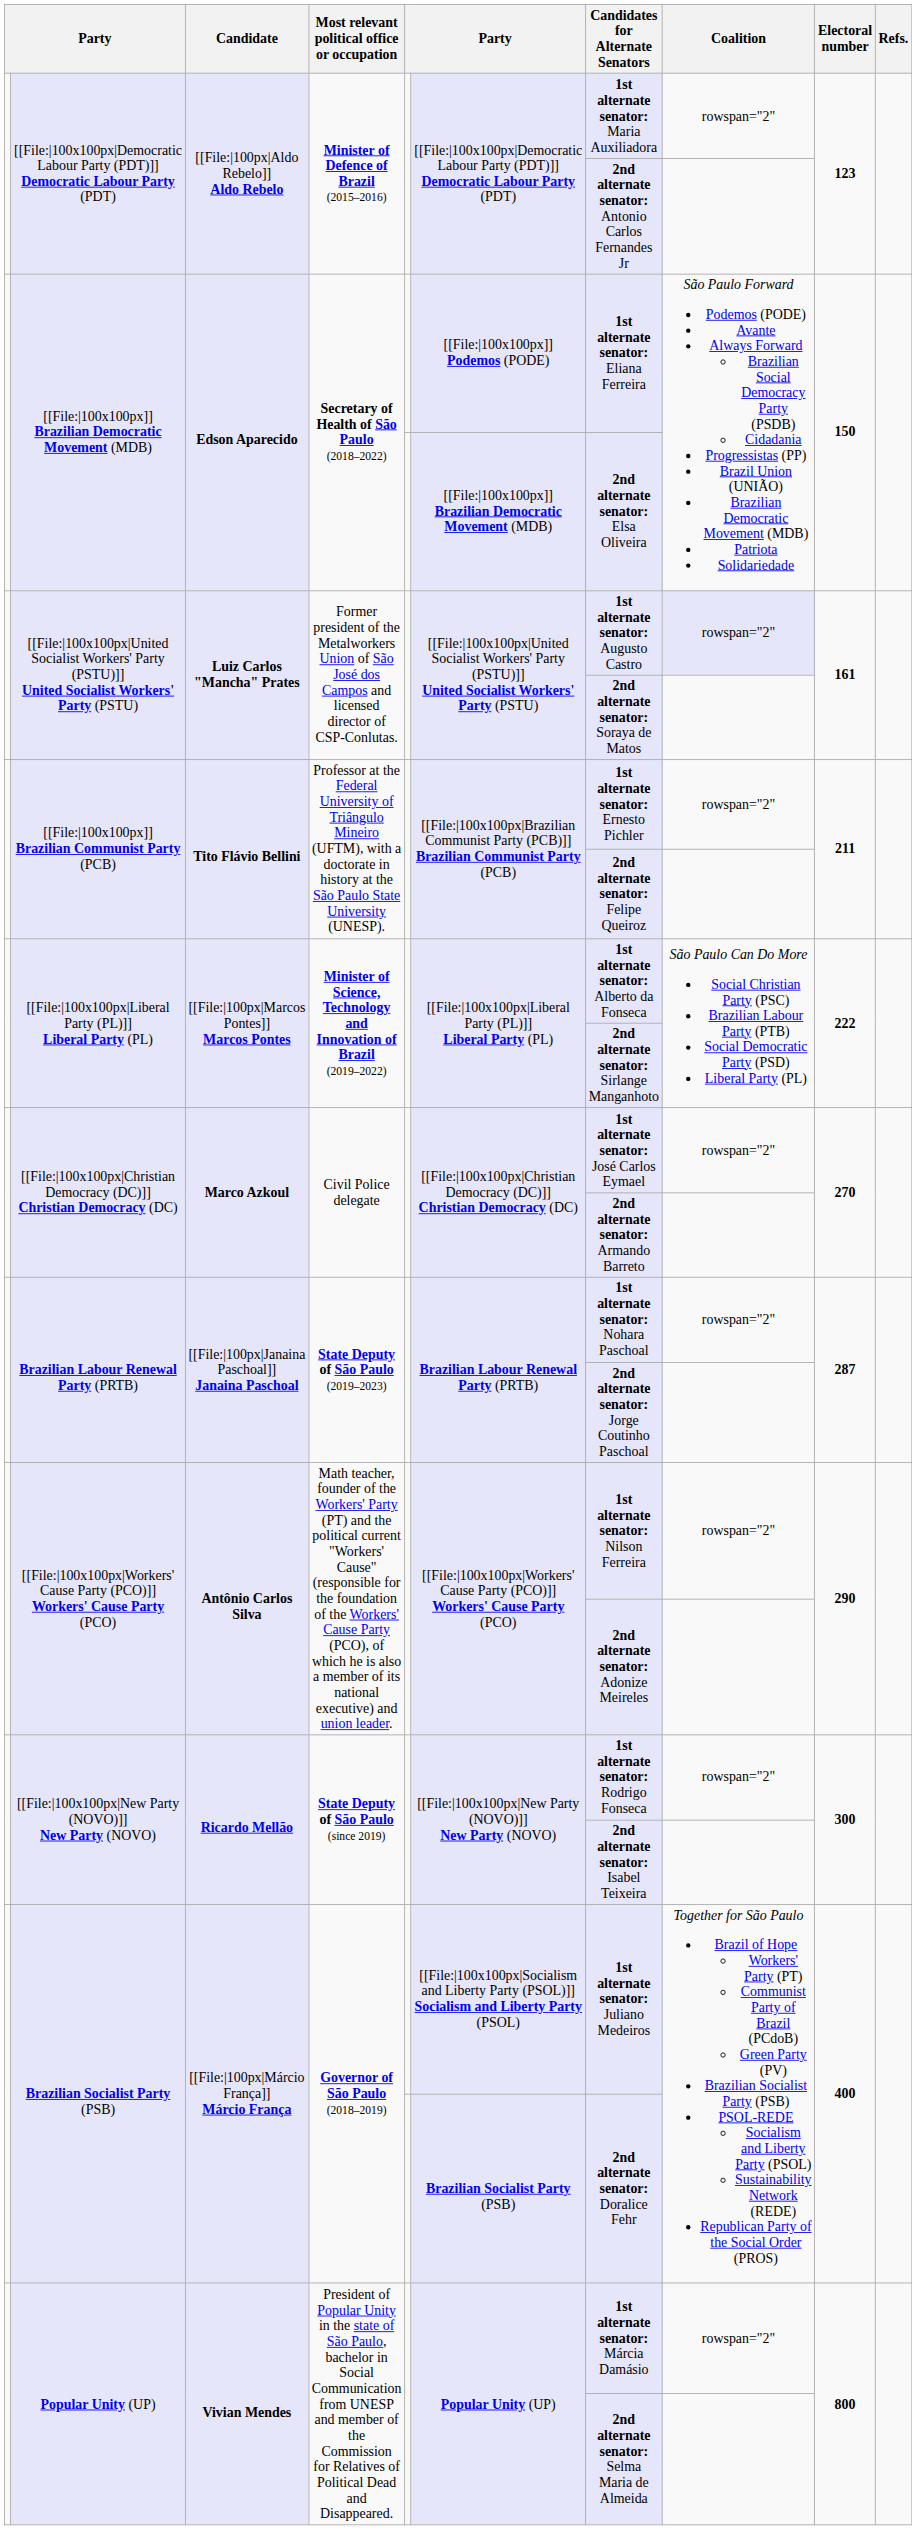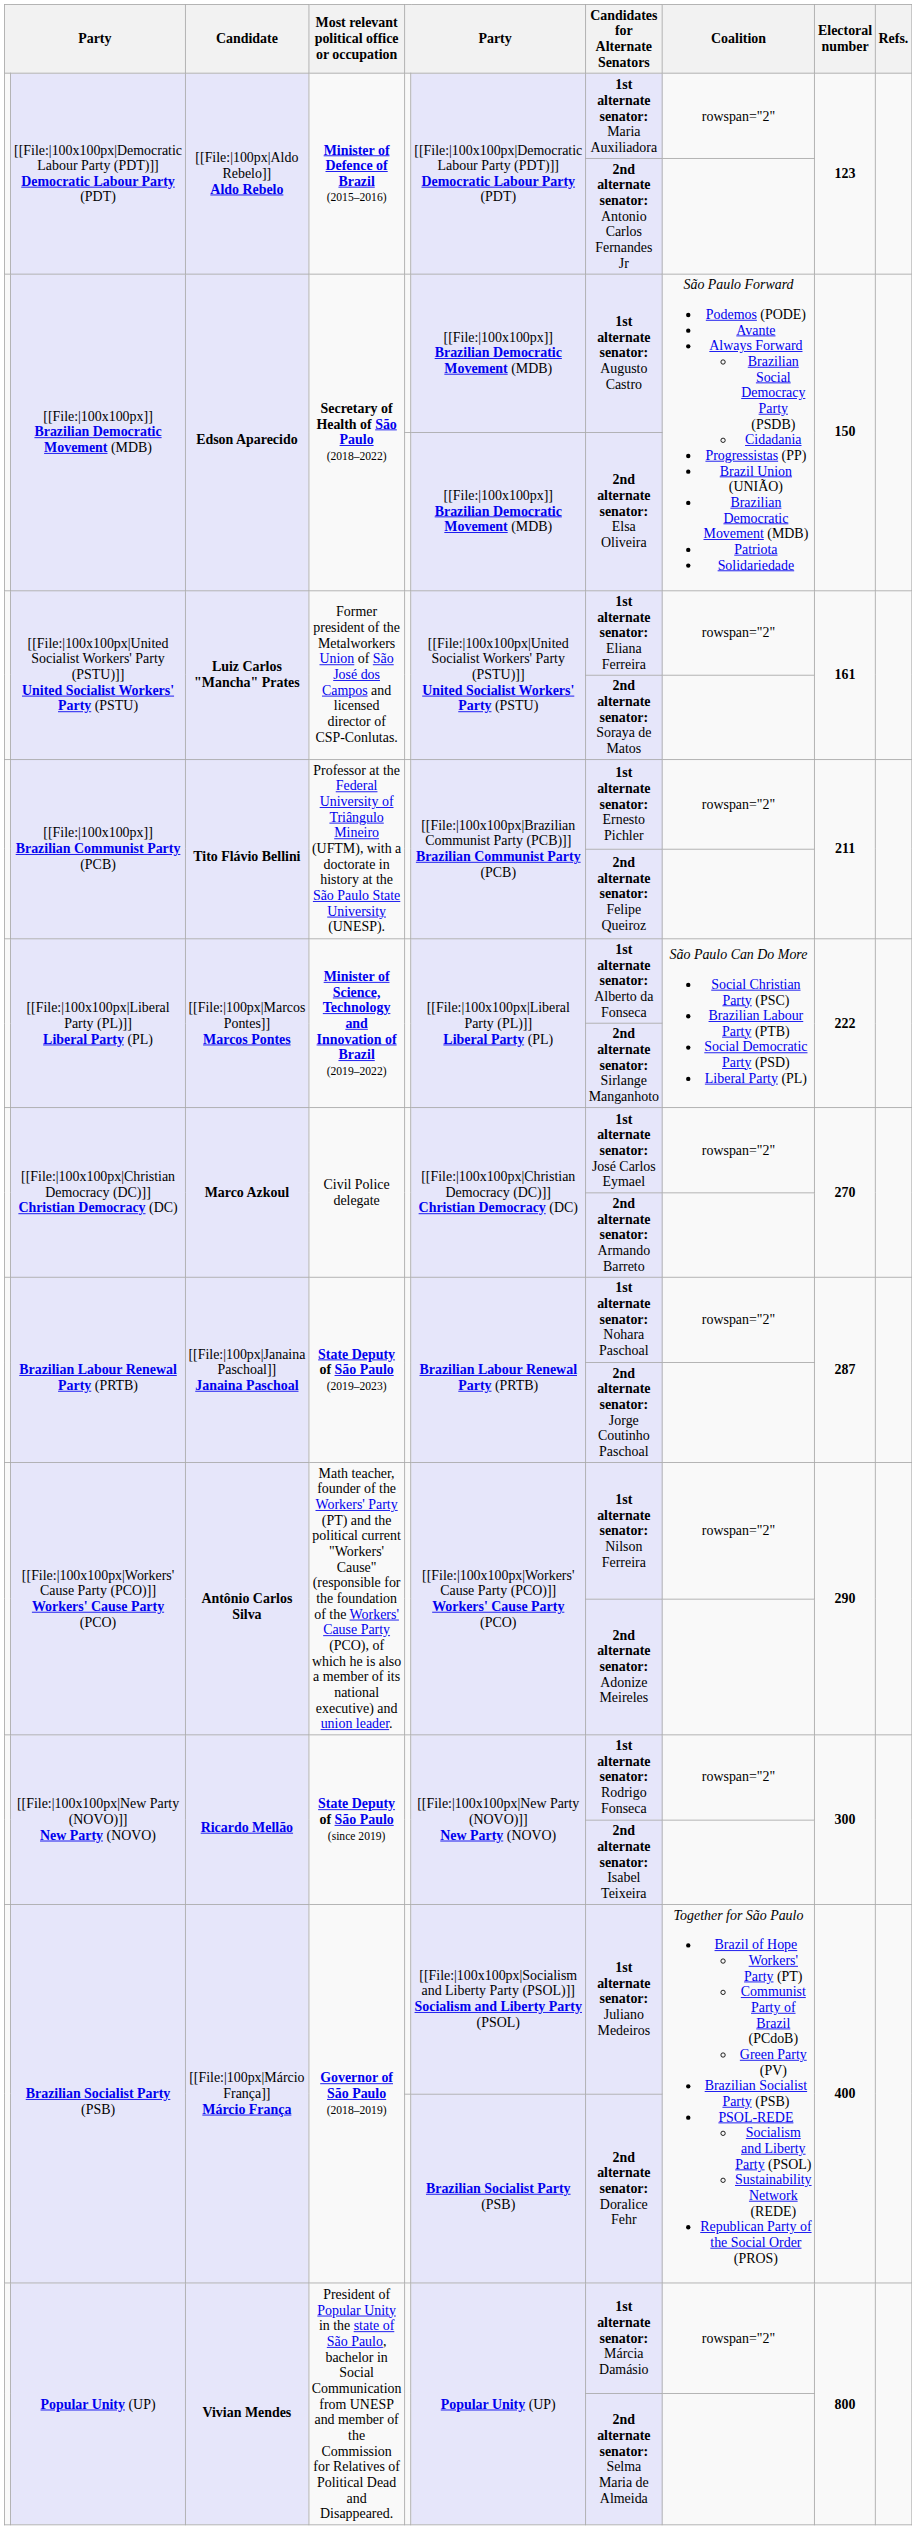 <table class="wikitable" style="text-align:center">
 <tr>
 <th colspan="2">Party</th>
 <th>Candidate</th>
 <th style="max-width:10em">Most relevant political office or occupation</th>
 <th colspan="2">Party</th>
 <th>Candidates for Alternate Senators</th>
 <th>Coalition</th>
 <th>Electoral number</th>
 <th>Refs.</th>
 </tr>
 <tr>
 <td rowspan="2" style="background:"></td>
 <td rowspan="2" style="background:lavender;" max-width:150px>[[File:|100x100px|Democratic Labour Party (PDT)]]<br><strong><a href='#'>Democratic Labour Party</a></strong> (PDT)</td>
 <td rowspan="2" style="background:lavender;" max-width:150px>[[File:|100px|Aldo Rebelo]]<br><strong><a href='#'>Aldo Rebelo</a></strong></td>
 <td rowspan="2" style="max-width:10em"><a href='#'><strong>Minister of Defence of Brazil</strong></a><br><small>(2015–2016)</small></td>
 <td rowspan="2" style="background:"></td>
 <td rowspan="2" style="background:lavender;" max-width:150px>[[File:|100x100px|Democratic Labour Party (PDT)]]<br><a href='#'><strong>Democratic Labour Party</strong></a> (PDT)</td>
 <td style="background:lavender;"><strong>1st alternate senator:</strong><br>Maria Auxiliadora</td>
 <td>rowspan="2" </td>
 <td rowspan="2"><strong>123</strong></td>
 <td rowspan="2"></td>
 </tr>
 <tr>
 <td style="background:lavender;"><strong>2nd alternate senator:</strong><br>Antonio Carlos Fernandes Jr</td>
 </tr>
 <tr>
 <td rowspan="2" style="background:"></td>
 <td rowspan="2" style="background:lavender;" max-width:150px>[[File:|100x100px]]<br><strong><a href='#'>Brazilian Democratic Movement</a></strong> (MDB)</td>
 <td rowspan="2" style="background:lavender;" max-width:150px><br><strong>Edson Aparecido</strong></td>
 <td rowspan="2" style="max-width:10em"><strong>Secretary of Health of <a href='#'>São Paulo</a></strong><br><small>(2018–2022)</small></td>
 <td style="background:"></td>
-<td style="background:lavender;" max-width:150px>[[File:|100x100px]]<br><strong><a href='#'>Podemos</a></strong> (PODE)</td>
-<td style="background:lavender;"><strong>1st alternate senator:</strong><br>Eliana Ferreira</td>
+<td style="background:lavender;" max-width:150px>[[File:|100x100px]]<br><strong><a href='#'>Brazilian Democratic Movement</a></strong> (MDB)</td>
+<td style="background:lavender;"><strong>1st alternate senator:</strong><br>Augusto Castro</td>
 <td rowspan="2"><em>São Paulo Forward</em><br><ul><li><a href='#'>Podemos</a> (PODE)</li><li><a href='#'>Avante</a></li><li><a href='#'>Always Forward</a><ul><li><a href='#'>Brazilian Social Democracy Party</a> (PSDB)</li><li><a href='#'>Cidadania</a></li></ul></li><li><a href='#'>Progressistas</a> (PP)</li><li><a href='#'>Brazil Union</a> (UNIÃO)</li><li><a href='#'>Brazilian Democratic Movement</a> (MDB)</li><li><a href='#'>Patriota</a></li><li><a href='#'>Solidariedade</a></li></ul></td>
 <td rowspan="2"><strong>150</strong></td>
 <td rowspan="2"></td>
 </tr>
 <tr>
 <td style="background:"></td>
 <td style="background:lavender;" max-width:150px>[[File:|100x100px]]<br><strong><a href='#'>Brazilian Democratic Movement</a></strong> (MDB)</td>
 <td style="background:lavender;"><strong>2nd alternate senator:</strong><br>Elsa Oliveira</td>
 </tr>
 <tr>
 <td rowspan="2" style="background:"></td>
 <td rowspan="2" style="background:lavender;" max-width:150px>[[File:|100x100px|United Socialist Workers' Party (PSTU)]]<br><strong><a href='#'>United Socialist Workers' Party</a></strong> (PSTU)</td>
 <td rowspan="2" style="background:lavender;" max-width:150px><strong>Luiz Carlos "Mancha" Prates</strong></td>
 <td rowspan="2">Former president of the Metalworkers <a href='#'>Union</a> of <a href='#'>São José dos Campos</a> and licensed director of CSP-Conlutas.</td>
 <td rowspan="2" style="background:"></td>
 <td rowspan="2" style="background:lavender;" max-width:150px>[[File:|100x100px|United Socialist Workers' Party (PSTU)]]<br><strong><a href='#'>United Socialist Workers' Party</a></strong> (PSTU)</td>
-<td style="background:lavender;"><strong>1st alternate senator:</strong><br>Augusto Castro</td>
-<td style="background: lavender;">rowspan="2" </td>
+<td style="background:lavender;"><strong>1st alternate senator:</strong><br>Eliana Ferreira</td>
+<td>rowspan="2" </td>
 <td rowspan="2"><strong>161</strong></td>
 <td rowspan="2"></td>
 </tr>
 <tr>
 <td style="background:lavender;"><strong>2nd alternate senator:</strong><br>Soraya de Matos</td>
 </tr>
 <tr>
 <td rowspan="2" style="background:"></td>
 <td rowspan="2" style="background:lavender;" max-width:150px>[[File:|100x100px]]<br><strong><a href='#'>Brazilian Communist Party</a></strong> (PCB)</td>
 <td rowspan="2" style="background:lavender;" max-width:150px><br><strong>Tito Flávio Bellini</strong></td>
 <td rowspan="2" style="max-width:10em">Professor at the <a href='#'>Federal University of Triângulo Mineiro</a> (UFTM), with a doctorate in history at the <a href='#'>São Paulo State University</a> (UNESP).</td>
 <td rowspan="2" style="background:"></td>
 <td rowspan="2" style="background:lavender;" max-width:150px>[[File:|100x100px|Brazilian Communist Party (PCB)]]<br><strong><a href='#'>Brazilian Communist Party</a></strong> (PCB)</td>
 <td style="background:lavender;" max-width:150px><strong>1st alternate senator:</strong><br>Ernesto Pichler</td>
 <td>rowspan="2" </td>
 <td rowspan="2"><strong>211</strong></td>
 <td rowspan="2"></td>
 </tr>
 <tr>
 <td style="background:lavender;" max-width:150px><strong>2nd alternate senator:</strong> <br>Felipe Queiroz</td>
 </tr>
 <tr>
 <td rowspan="2" style="background:"></td>
 <td rowspan="2" style="background:lavender;" max-width:150px>[[File:|100x100px|Liberal Party (PL)]]<br><strong><a href='#'>Liberal Party</a></strong> (PL)</td>
 <td rowspan="2" style="background:lavender;" max-width:150px>[[File:|100px|Marcos Pontes]]<br><strong><a href='#'>Marcos Pontes</a></strong></td>
 <td rowspan="2"><a href='#'><strong>Minister of Science, Technology and Innovation of Brazil</strong></a><br><small>(2019–2022)</small></td>
 <td rowspan="2" style="background:"></td>
 <td rowspan="2" style="background:lavender;" max-width:150px>[[File:|100x100px|Liberal Party (PL)]]<br><strong><a href='#'>Liberal Party</a></strong> (PL)</td>
 <td style="background:lavender;" max-width:150px><strong>1st alternate senator:</strong><br>Alberto da Fonseca</td>
 <td rowspan="2"><em>São Paulo Can Do More</em><br><ul><li><a href='#'>Social Christian Party</a> (PSC)</li><li><a href='#'>Brazilian Labour Party</a> (PTB)</li><li><a href='#'>Social Democratic Party</a> (PSD)</li><li><a href='#'>Liberal Party</a> (PL)</li></ul></td>
 <td rowspan="2"><strong>222</strong></td>
 <td rowspan="2"></td>
 </tr>
 <tr>
 <td style="background:lavender;" max-width:150px><strong>2nd alternate senator:</strong><br>Sirlange Manganhoto</td>
 </tr>
 <tr>
 <td rowspan="2" style="background:"></td>
 <td rowspan="2" style="background:lavender;" max-width:150px>[[File:|100x100px|Christian Democracy (DC)]]<br><strong><a href='#'>Christian Democracy</a></strong> (DC)</td>
 <td rowspan="2" style="background:lavender;" max-width:150px><strong>Marco Azkoul</strong></td>
 <td rowspan="2">Civil Police delegate</td>
 <td rowspan="2" style="background:"></td>
 <td rowspan="2" style="background:lavender;" max-width:150px>[[File:|100x100px|Christian Democracy (DC)]]<br><strong><a href='#'>Christian Democracy</a></strong> (DC)</td>
 <td style="background:lavender;"><strong>1st alternate senator:</strong><br>José Carlos Eymael</td>
 <td>rowspan="2" </td>
 <td rowspan="2"><strong>270</strong></td>
 <td rowspan="2"></td>
 </tr>
 <tr>
 <td style="background:lavender;"><strong>2nd alternate senator:</strong><br>Armando Barreto</td>
 </tr>
 <tr>
 <td rowspan="2" style="background:"></td>
 <td rowspan="2" style="background:lavender;" max-width:150px><br><strong><a href='#'>Brazilian Labour Renewal Party</a></strong> (PRTB)</td>
 <td rowspan="2" style="background:lavender;" max-width:150px>[[File:|100px|Janaina Paschoal]]<br><strong><a href='#'>Janaina Paschoal</a></strong></td>
 <td rowspan="2" style="max-width:10em"><strong><a href='#'>State Deputy</a> of <a href='#'>São Paulo</a></strong><br><small>(2019–2023)</small></td>
 <td rowspan="2" style="background:"></td>
 <td rowspan="2" style="background:lavender;" max-width:150px><br><strong><a href='#'>Brazilian Labour Renewal Party</a></strong> (PRTB)</td>
 <td style="background:lavender;"><strong>1st alternate senator:</strong><br>Nohara Paschoal</td>
 <td>rowspan="2" </td>
 <td rowspan="2"><strong>287</strong></td>
 <td rowspan="2"></td>
 </tr>
 <tr>
 <td style="background:lavender;"><strong>2nd alternate senator:</strong><br>Jorge Coutinho Paschoal</td>
 </tr>
 <tr>
 <td rowspan="2" style="background:"></td>
 <td rowspan="2" style="background:lavender;" max-width:150px>[[File:|100x100px|Workers' Cause Party (PCO)]]<br><strong><a href='#'>Workers' Cause Party</a></strong> (PCO)</td>
 <td rowspan="2" style="background:lavender;" max-width:150px><br><strong>Antônio Carlos Silva</strong></td>
 <td rowspan="2">Math teacher, founder of the <a href='#'>Workers' Party</a> (PT) and the political current "Workers' Cause" (responsible for the foundation of the <a href='#'>Workers' Cause Party</a> (PCO), of which he is also a member of its national executive) and <a href='#'>union leader</a>.</td>
 <td rowspan="2" style="background:"></td>
 <td rowspan="2" style="background:lavender;" max-width:150px>[[File:|100x100px|Workers' Cause Party (PCO)]]<br><strong><a href='#'>Workers' Cause Party</a></strong> (PCO)</td>
 <td style="background:lavender;"><strong>1st alternate senator:</strong><br>Nilson Ferreira</td>
 <td>rowspan="2" </td>
 <td rowspan="2"><strong>290</strong></td>
 <td rowspan="2"></td>
 </tr>
 <tr>
 <td style="background:lavender;"><strong>2nd alternate senator:</strong><br>Adonize Meireles</td>
 </tr>
 <tr>
 <td rowspan="2" style="background:"></td>
 <td rowspan="2" style="background:lavender;" max-width:150px>[[File:|100x100px|New Party (NOVO)]]<br><a href='#'><strong>New Party</strong></a> (NOVO)</td>
 <td rowspan="2" style="background:lavender;" max-width:150px><br><strong><a href='#'>Ricardo Mellão</a></strong></td>
 <td rowspan="2" style="max-width:10em"><strong><a href='#'>State Deputy</a> of <a href='#'>São Paulo</a></strong><br><small>(since 2019)</small></td>
 <td rowspan="2" style="background:"></td>
 <td rowspan="2" style="background:lavender;" max-width:150px>[[File:|100x100px|New Party (NOVO)]]<br><a href='#'><strong>New Party</strong></a> (NOVO)</td>
 <td style="background:lavender;" max-width:150px><strong>1st alternate senator:</strong><br>Rodrigo Fonseca</td>
 <td>rowspan="2" </td>
 <td rowspan="2"><strong>300</strong></td>
 <td rowspan="2"></td>
 </tr>
 <tr>
 <td style="background:lavender;" max-width:150px><strong>2nd alternate senator:</strong><br>Isabel Teixeira</td>
 </tr>
 <tr>
 <td rowspan="2" style="background:"></td>
 <td rowspan="2" style="background:lavender;" max-width:150px><br><strong><a href='#'>Brazilian Socialist Party</a></strong> (PSB)</td>
 <td rowspan="2" style="background:lavender;" max-width:150px>[[File:|100px|Márcio França]]<br><strong><a href='#'>Márcio França</a></strong></td>
 <td rowspan="2" style="max-width:10em"><strong><a href='#'>Governor of São Paulo</a></strong><br><small>(2018–2019)</small></td>
 <td style="background:"></td>
 <td style="background:lavender;" max-width:150px>[[File:|100x100px|Socialism and Liberty Party (PSOL)]]<br><strong><a href='#'>Socialism and Liberty Party</a></strong> (PSOL)</td>
 <td style="background:lavender;" max-width:150px><strong>1st alternate senator:</strong><br>Juliano Medeiros</td>
 <td rowspan="2"><em>Together for São Paulo</em><br><ul><li><a href='#'>Brazil of Hope</a><ul><li><a href='#'>Workers' Party</a> (PT)</li><li><a href='#'>Communist Party of Brazil</a> (PCdoB)</li><li><a href='#'>Green Party</a> (PV)</li></ul></li><li><a href='#'>Brazilian Socialist Party</a> (PSB)</li><li><a href='#'>PSOL-REDE</a><ul><li><a href='#'>Socialism and Liberty Party</a> (PSOL)</li><li><a href='#'>Sustainability Network</a> (REDE)</li></ul></li><li><a href='#'>Republican Party of the Social Order</a> (PROS)</li></ul></td>
 <td rowspan="2"><strong>400</strong></td>
 <td rowspan="2"></td>
 </tr>
 <tr>
 <td style="background:"></td>
 <td style="background:lavender;" max-width:150px><br><strong><a href='#'>Brazilian Socialist Party</a></strong> (PSB)</td>
 <td style="background:lavender;" max-width:150px><strong>2nd alternate senator:</strong><br>Doralice Fehr</td>
 </tr>
 <tr>
 <td rowspan="2" style="background:"></td>
 <td rowspan="2" style="background:lavender;" max-width:150px><strong><a href='#'>Popular Unity</a></strong> (UP)</td>
 <td rowspan="2" style="background:lavender;" max-width:150px><br><strong>Vivian Mendes</strong></td>
 <td rowspan="2">President of <a href='#'>Popular Unity</a> in the <a href='#'>state of São Paulo</a>, bachelor in Social Communication from UNESP and member of the Commission for Relatives of Political Dead and Disappeared.</td>
 <td rowspan="2" style="background:"></td>
 <td rowspan="2" style="background:lavender;" max-width:150px><strong><a href='#'>Popular Unity</a></strong> (UP)</td>
 <td style="background:lavender;" max-width:150px><strong>1st alternate senator:</strong><br>Márcia Damásio</td>
 <td>rowspan="2" </td>
 <td rowspan="2"><strong>800</strong></td>
 <td rowspan="2"></td>
 </tr>
 <tr>
 <td style="background:lavender;" max-width:150px><strong>2nd alternate senator:</strong><br>Selma Maria de Almeida</td>
 </tr>
 </table>
